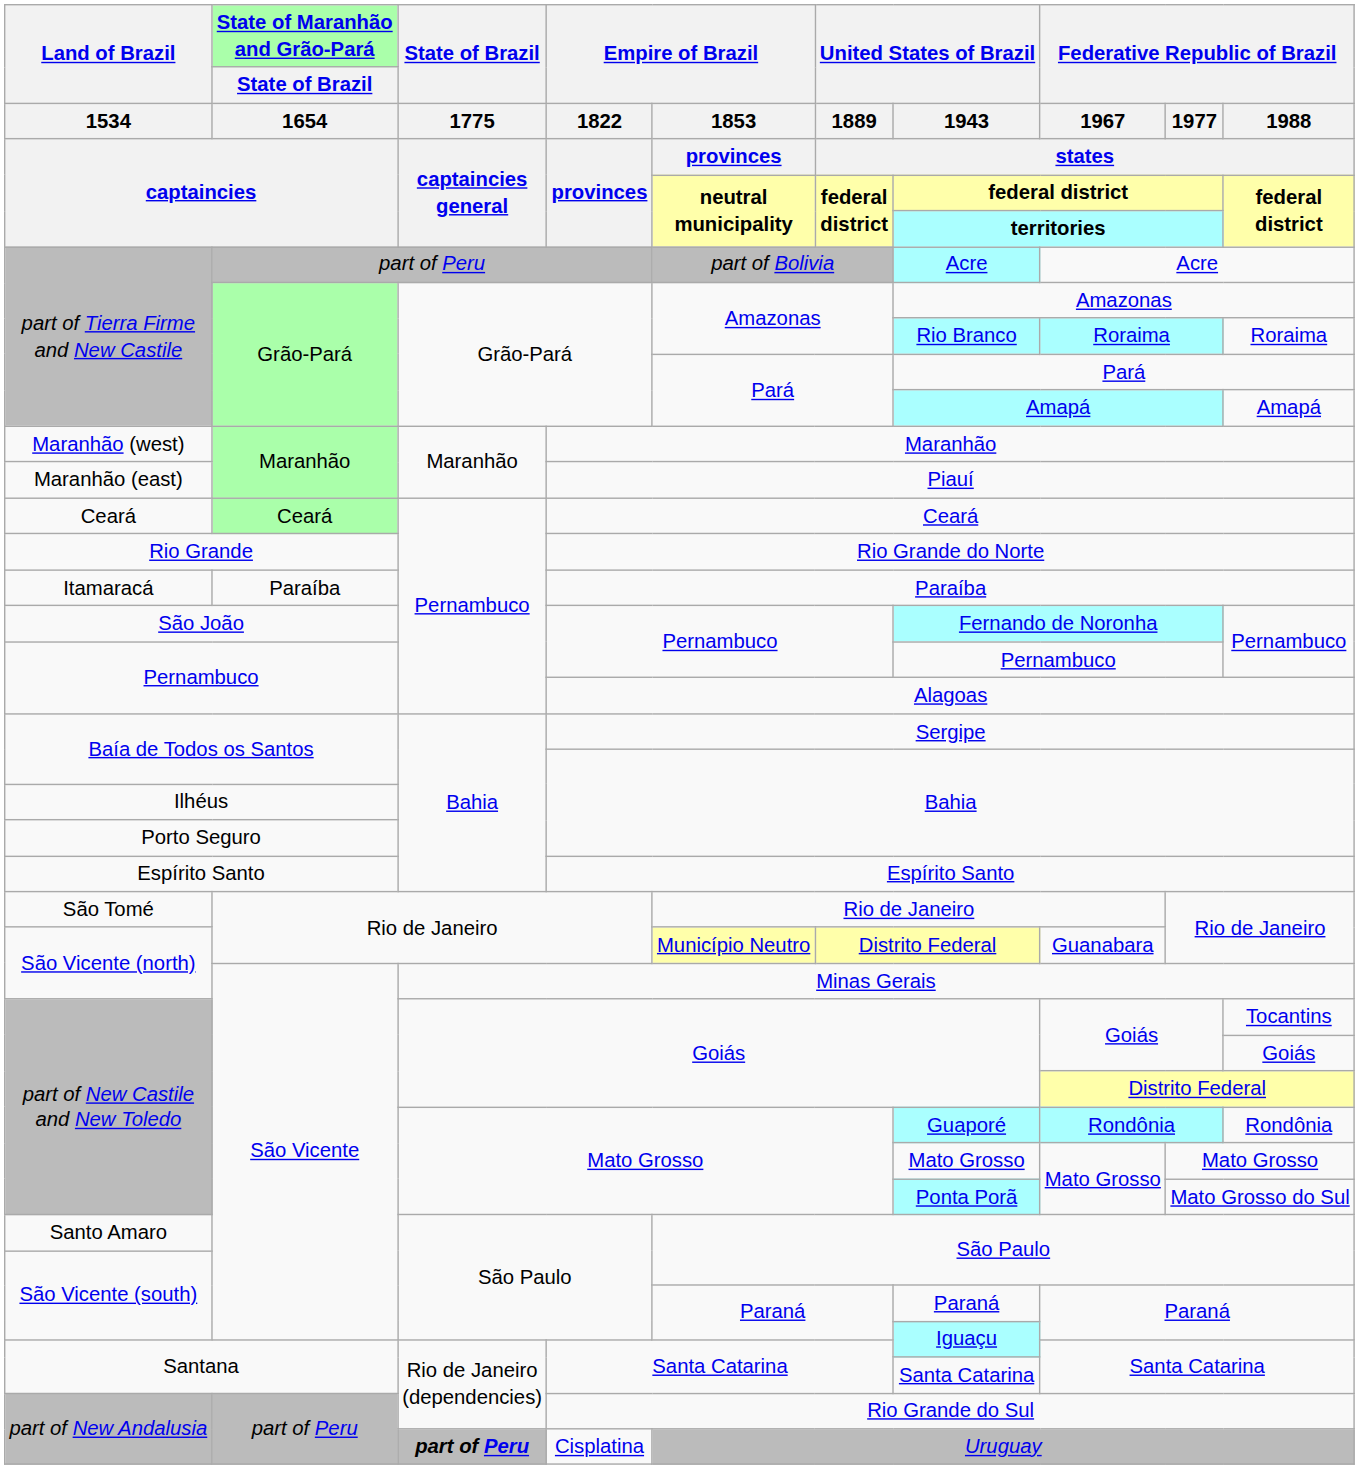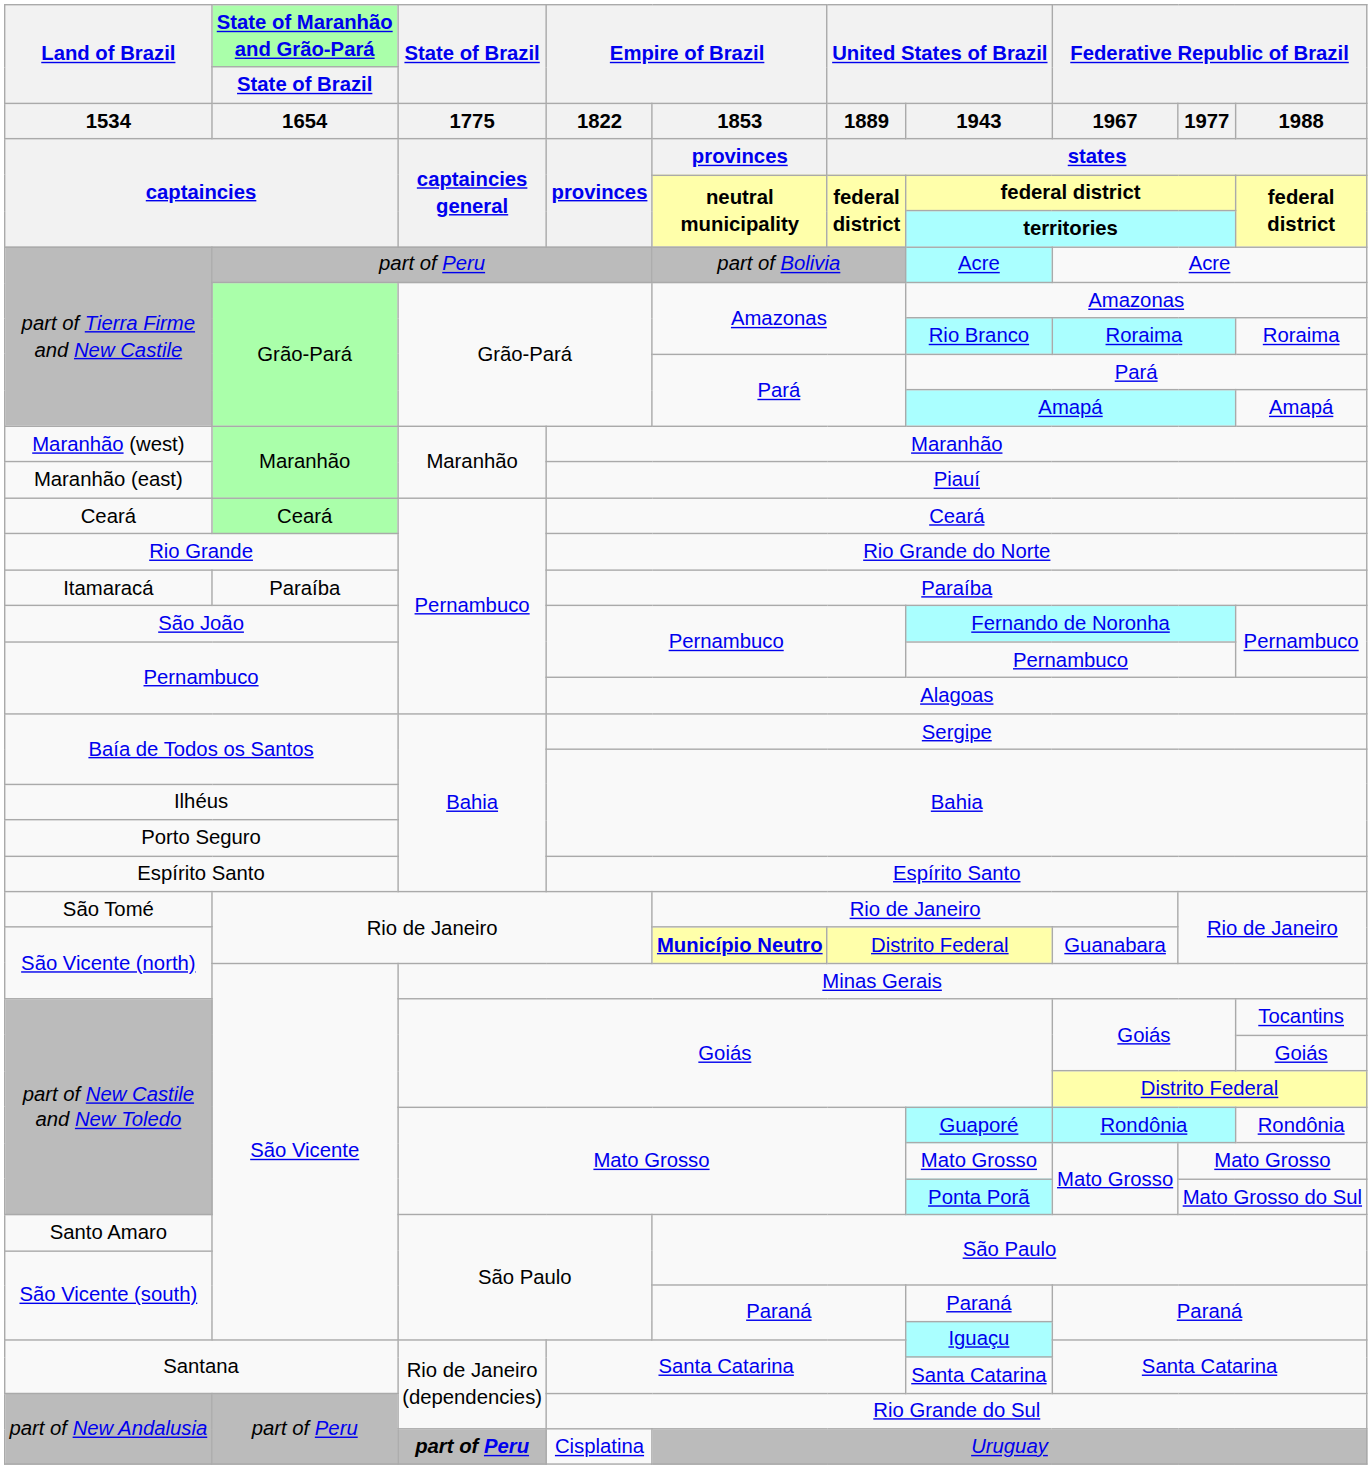 <table class=wikitable style="font-size:90%; line-height:1.3; text-align:center">
 <tr>
 <th rowspan=2><a href='#'>Land of Brazil</a></th>
 <th style=background:#AFA><a href='#'>State of Maranhão<br>and Grão-Pará</a></th>
 <th rowspan=2><a href='#'>State of Brazil</a></th>
 <th rowspan=2 colspan=2><a href='#'>Empire of Brazil</a></th>
 <th rowspan=2 colspan=2><a href='#'>United States of Brazil</a></th>
 <th rowspan=2 colspan=3><a href='#'>Federative Republic of Brazil</a></th>
 </tr>
 <tr>
 <th><a href='#'>State of Brazil</a></th>
 </tr>
 <tr>
 <th>1534</th>
 <th>1654</th>
 <th>1775</th>
 <th>1822</th>
 <th>1853</th>
 <th>1889</th>
 <th>1943</th>
 <th>1967</th>
 <th>1977</th>
 <th>1988</th>
 </tr>
 <tr>
 <th rowspan=3 colspan=2><a href='#'>captaincies</a></th>
 <th rowspan=3><a href='#'>captaincies<br>general</a></th>
 <th rowspan=3><a href='#'>provinces</a></th>
 <th><a href='#'>provinces</a></th>
 <th colspan=5><a href='#'>states</a></th>
 </tr>
 <tr>
 <th rowspan=2 style=background:#FFA>neutral<br>municipality</th>
 <th rowspan=2 style=background:#FFA>federal<br>district</th>
 <th colspan=3 style=background:#FFA>federal district</th>
 <th rowspan=2 style=background:#FFA>federal<br>district</th>
 </tr>
 <tr>
 <th colspan=3 style=background:#AFF>territories</th>
 </tr>
 <tr>
 <td rowspan=5 style=background:#BBB><em>part of <a href='#'>Tierra Firme</a><br>and <a href='#'>New Castile</a></em></td>
 <td colspan=3 style=background:#BBB><em>part of <a href='#'>Peru</a></em></td>
 <td colspan=2 style=background:#BBB><em>part of <a href='#'>Bolivia</a></em></td>
 <td style=background:#AFF><a href='#'>Acre</a></td>
 <td colspan=3><a href='#'>Acre</a></td>
 </tr>
 <tr>
 <td rowspan=4 style=background:#AFA>Grão-Pará</td>
 <td rowspan=4 colspan=2>Grão-Pará</td>
 <td rowspan=2 colspan=2><a href='#'>Amazonas</a></td>
 <td colspan=4><a href='#'>Amazonas</a></td>
 </tr>
 <tr>
 <td style=background:#AFF><a href='#'>Rio Branco</a></td>
 <td colspan=2 style=background:#AFF><a href='#'>Roraima</a></td>
 <td><a href='#'>Roraima</a></td>
 </tr>
 <tr>
 <td rowspan=2 colspan=2><a href='#'>Pará</a></td>
 <td colspan=4><a href='#'>Pará</a></td>
 </tr>
 <tr>
 <td colspan=3 style=background:#AFF><a href='#'>Amapá</a></td>
 <td><a href='#'>Amapá</a></td>
 </tr>
 <tr>
 <td><a href='#'>Maranhão</a> (west)</td>
 <td rowspan="2" style="background:#AFA">Maranhão</td>
 <td rowspan=2>Maranhão</td>
 <td colspan=7><a href='#'>Maranhão</a></td>
 </tr>
 <tr>
 <td>Maranhão (east)</td>
 <td colspan=7><a href='#'>Piauí</a></td>
 </tr>
 <tr>
 <td>Ceará</td>
 <td style=background:#AFA>Ceará</td>
 <td rowspan=6><a href='#'>Pernambuco</a></td>
 <td colspan=7><a href='#'>Ceará</a></td>
 </tr>
 <tr>
 <td colspan=2><a href='#'>Rio Grande</a></td>
 <td colspan="7"><a href='#'>Rio Grande do Norte</a></td>
 </tr>
 <tr>
 <td>Itamaracá</td>
 <td>Paraíba</td>
 <td colspan=7><a href='#'>Paraíba</a></td>
 </tr>
 <tr>
 <td colspan=2><a href='#'>São João</a></td>
 <td rowspan=2 colspan=3><a href='#'>Pernambuco</a></td>
 <td colspan=3 style=background:#AFF><a href='#'>Fernando de Noronha</a></td>
 <td rowspan=2><a href='#'>Pernambuco</a></td>
 </tr>
 <tr>
 <td rowspan=2 colspan=2><a href='#'>Pernambuco</a></td>
 <td colspan=3><a href='#'>Pernambuco</a></td>
 </tr>
 <tr>
 <td colspan=7><a href='#'>Alagoas</a></td>
 </tr>
 <tr>
 <td rowspan=2 colspan=2 style=height:3em><a href='#'>Baía de Todos os Santos</a></td>
 <td rowspan=5><a href='#'>Bahia</a></td>
 <td colspan=7><a href='#'>Sergipe</a></td>
 </tr>
 <tr>
 <td rowspan=3 colspan=7><a href='#'>Bahia</a></td>
 </tr>
 <tr>
 <td colspan=2>Ilhéus</td>
 </tr>
 <tr>
 <td colspan=2>Porto Seguro</td>
 </tr>
 <tr>
 <td colspan=2>Espírito Santo</td>
 <td colspan=7><a href='#'>Espírito Santo</a></td>
 </tr>
 <tr>
 <td>São Tomé</td>
 <td rowspan=2 colspan=3>Rio de Janeiro</td>
 <td colspan=4><a href='#'>Rio de Janeiro</a></td>
 <td rowspan=2 colspan=2><a href='#'>Rio de Janeiro</a></td>
 </tr>
 <tr>
 <td rowspan=2><a href='#'>São Vicente (north)</a></td>
-<td style=background:#FFA><a href='#'>Município Neutro</a></td>
+<td style=background:#FFA><strong><a href='#'>Município Neutro</a></strong></td>
 <td colspan=2 style=background:#FFA><a href='#'>Distrito Federal</a></td>
 <td><a href='#'>Guanabara</a></td>
 </tr>
 <tr>
 <td rowspan=11><a href='#'>São Vicente</a></td>
 <td colspan=8><a href='#'>Minas Gerais</a></td>
 </tr>
 <tr>
 <td rowspan=6 style=background:#BBB><em>part of <a href='#'>New Castile</a><br>and <a href='#'>New Toledo</a></em></td>
 <td rowspan=3 colspan=5><a href='#'>Goiás</a></td>
 <td rowspan=2 colspan=2><a href='#'>Goiás</a></td>
 <td><a href='#'>Tocantins</a></td>
 </tr>
 <tr>
 <td><a href='#'>Goiás</a></td>
 </tr>
 <tr>
 <td colspan=3 style=background:#FFA><a href='#'>Distrito Federal</a></td>
 </tr>
 <tr>
 <td rowspan=3 colspan=4><a href='#'>Mato Grosso</a></td>
 <td style=background:#AFF><a href='#'>Guaporé</a></td>
 <td colspan=2 style=background:#AFF><a href='#'>Rondônia</a></td>
 <td><a href='#'>Rondônia</a></td>
 </tr>
 <tr>
 <td><a href='#'>Mato Grosso</a></td>
 <td rowspan=2><a href='#'>Mato Grosso</a></td>
 <td colspan=2><a href='#'>Mato Grosso</a></td>
 </tr>
 <tr>
 <td style=background:#AFF><a href='#'>Ponta Porã</a></td>
 <td colspan=2><a href='#'>Mato Grosso do Sul</a></td>
 </tr>
 <tr>
 <td>Santo Amaro</td>
 <td rowspan=4 colspan=2>São Paulo</td>
 <td rowspan=2 colspan=6 style=height:3em><a href='#'>São Paulo</a></td>
 </tr>
 <tr>
 <td rowspan=3><a href='#'>São Vicente (south)</a></td>
 </tr>
 <tr>
 <td rowspan=2 colspan=2 style=height:2.2em><a href='#'>Paraná</a></td>
 <td><a href='#'>Paraná</a></td>
 <td rowspan=2 colspan=3><a href='#'>Paraná</a></td>
 </tr>
 <tr>
 <td rowspan=2 style=background:#AFF><a href='#'>Iguaçu</a></td>
 </tr>
 <tr>
 <td rowspan=2 colspan=2>Santana</td>
 <td rowspan=3>Rio de Janeiro<br>(dependencies)</td>
 <td rowspan=2 colspan=3><a href='#'>Santa Catarina</a></td>
 <td rowspan=2 colspan=3><a href='#'>Santa Catarina</a></td>
 </tr>
 <tr>
 <td><a href='#'>Santa Catarina</a></td>
 </tr>
 <tr>
 <td rowspan=2 style=background:#BBB><em>part of <a href='#'>New Andalusia</a></em></td>
 <td rowspan=2 style=background:#BBB><em>part of <a href='#'>Peru</a></em></td>
 <td colspan=7><a href='#'>Rio Grande do Sul</a></td>
 </tr>
 <tr>
 <td style=background:#BBB><strong><em>part of <a href='#'>Peru</a></em></strong></td>
 <td><a href='#'>Cisplatina</a></td>
 <td colspan=6 style=background:#BBB><em><a href='#'>Uruguay</a></em></td>
 </tr>
 </table>
